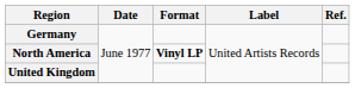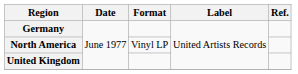 <table class="wikitable plainrowheaders">
 <tr>
 <th scope="col">Region</th>
 <th scope="col">Date</th>
 <th scope="col">Format</th>
 <th scope="col">Label</th>
 <th scope="col">Ref.</th>
 </tr>
 <tr>
 <th scope="row">Germany</th>
 <td rowspan="3">June 1977</td>
 <td></td>
 <td rowspan="3">United Artists Records</td>
 <td></td>
 </tr>
 <tr>
 <th scope="row">North America</th>
-<td><strong>Vinyl LP</strong></td>
+<td>Vinyl LP</td>
 <td></td>
 </tr>
 <tr>
 <th scope="row">United Kingdom</th>
 <td></td>
 <td></td>
 </tr>
 <tr>
 </tr>
 </table>
